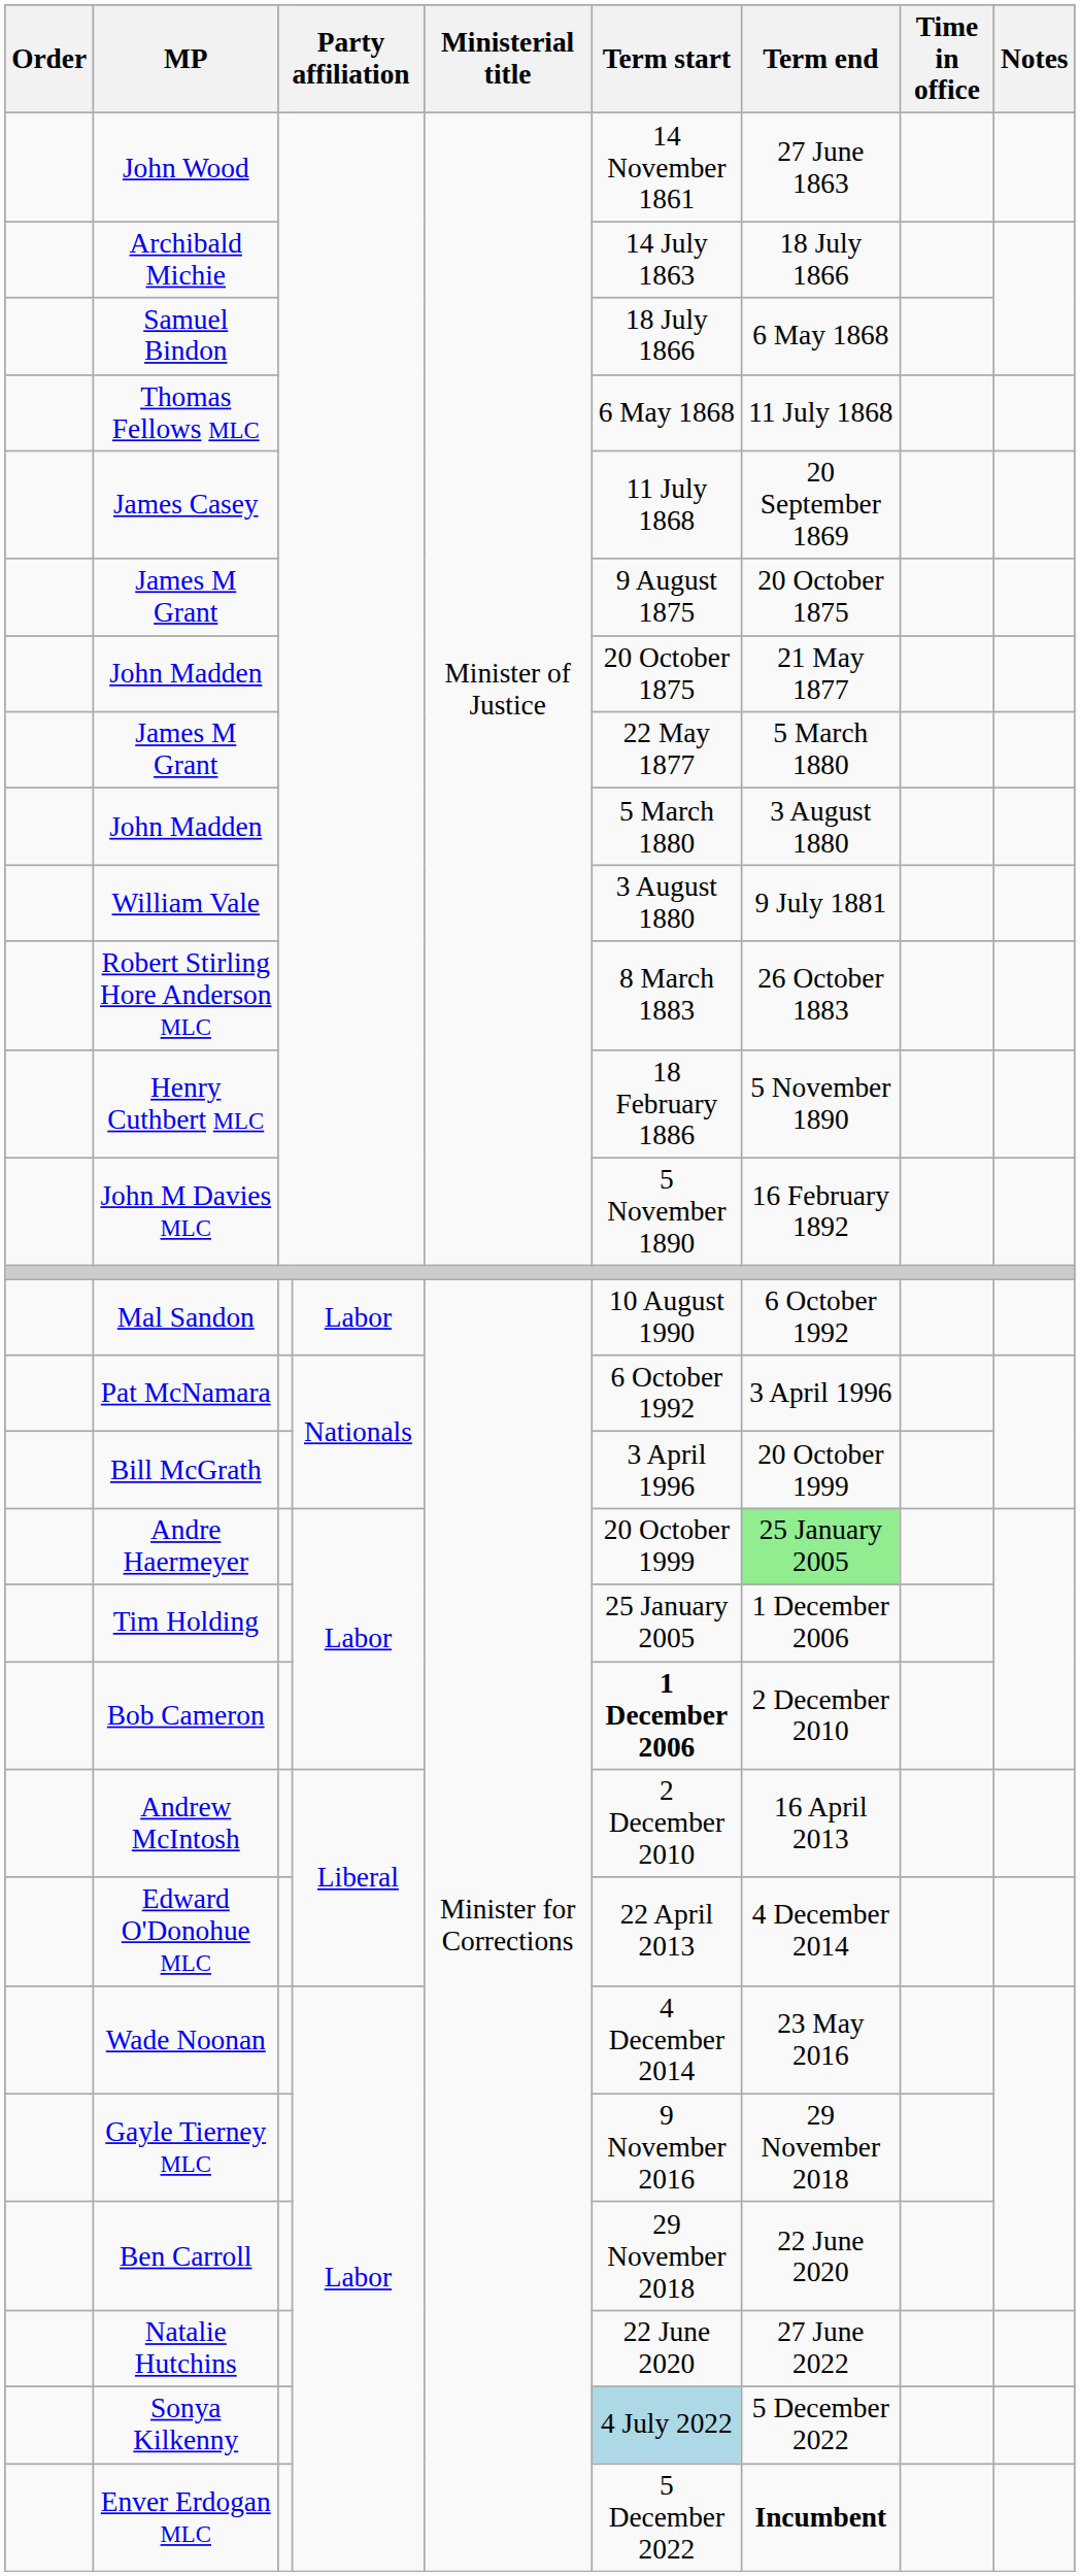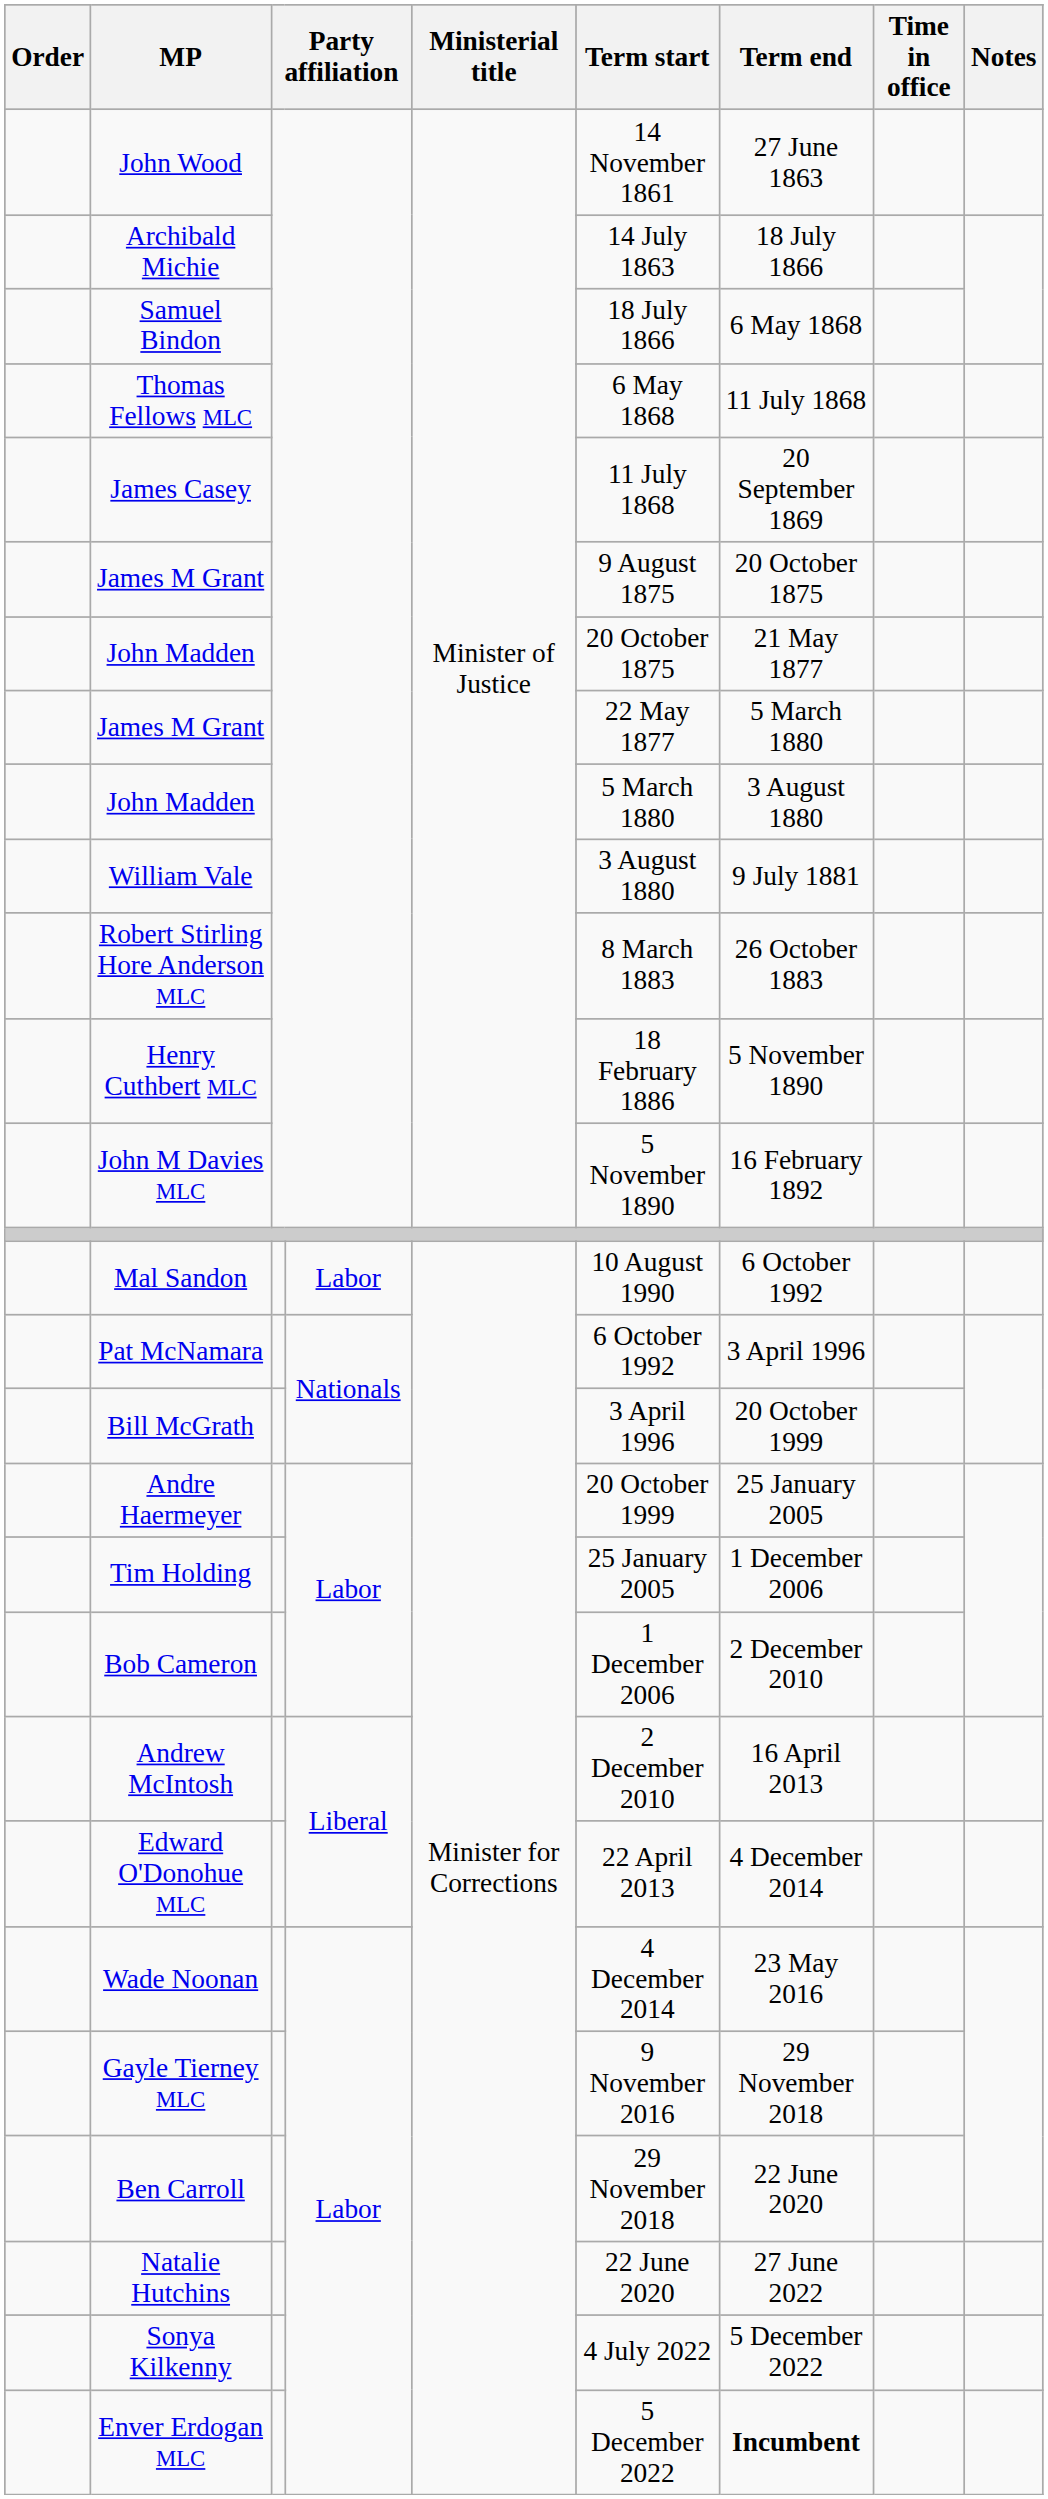 <table class="wikitable" style="text-align:center">
 <tr>
 <th>Order</th>
 <th>MP</th>
 <th colspan="2">Party affiliation</th>
 <th>Ministerial title</th>
 <th>Term start</th>
 <th>Term end</th>
 <th>Time in office</th>
 <th>Notes</th>
 </tr>
 <tr>
 <td></td>
 <td><a href='#'>John Wood</a> </td>
 <td colspan="2" rowspan="13"></td>
 <td rowspan="13">Minister of Justice</td>
 <td>14 November 1861</td>
 <td>27 June 1863</td>
 <td></td>
 <td></td>
 </tr>
 <tr>
 <td></td>
 <td><a href='#'>Archibald Michie</a> </td>
 <td>14 July 1863</td>
 <td>18 July 1866</td>
 <td></td>
 <td rowspan="2"></td>
 </tr>
 <tr>
 <td></td>
 <td><a href='#'>Samuel Bindon</a> </td>
 <td>18 July 1866</td>
 <td>6 May 1868</td>
 <td></td>
 </tr>
 <tr>
 <td></td>
 <td><a href='#'>Thomas Fellows</a> <a href='#'><small>MLC</small></a></td>
 <td>6 May 1868</td>
 <td>11 July 1868</td>
 <td></td>
 <td></td>
 </tr>
 <tr>
 <td></td>
 <td><a href='#'>James Casey</a> </td>
 <td>11 July 1868</td>
 <td>20 September 1869</td>
 <td></td>
 <td></td>
 </tr>
 <tr>
 <td></td>
 <td><a href='#'>James M Grant</a> </td>
 <td>9 August 1875</td>
 <td>20 October 1875</td>
 <td></td>
 <td></td>
 </tr>
 <tr>
 <td></td>
 <td><a href='#'>John Madden</a> </td>
 <td>20 October 1875</td>
 <td>21 May 1877</td>
 <td></td>
 <td></td>
 </tr>
 <tr>
 <td></td>
 <td><a href='#'>James M Grant</a> </td>
 <td>22 May 1877</td>
 <td>5 March 1880</td>
 <td></td>
 <td></td>
 </tr>
 <tr>
 <td></td>
 <td><a href='#'>John Madden</a> </td>
 <td>5 March 1880</td>
 <td>3 August 1880</td>
 <td></td>
 <td></td>
 </tr>
 <tr>
 <td></td>
 <td><a href='#'>William Vale</a> </td>
 <td>3 August 1880</td>
 <td>9 July 1881</td>
 <td></td>
 <td></td>
 </tr>
 <tr>
 <td></td>
 <td><a href='#'>Robert Stirling Hore Anderson</a> <a href='#'><small>MLC</small></a></td>
 <td>8 March 1883</td>
 <td>26 October 1883</td>
 <td></td>
 <td></td>
 </tr>
 <tr>
 <td></td>
 <td><a href='#'>Henry Cuthbert</a> <a href='#'><small>MLC</small></a></td>
 <td>18 February 1886</td>
 <td>5 November 1890</td>
 <td></td>
 <td></td>
 </tr>
 <tr>
 <td></td>
 <td><a href='#'>John M Davies</a> <a href='#'><small>MLC</small></a></td>
 <td>5 November 1890</td>
 <td>16 February 1892</td>
 <td></td>
 <td></td>
 </tr>
 <tr>
 <th colspan=9 style="background: #cccccc;"></th>
 </tr>
 <tr>
 <td></td>
 <td><a href='#'>Mal Sandon</a> </td>
 <td></td>
 <td><a href='#'>Labor</a></td>
 <td rowspan="14">Minister for Corrections</td>
 <td>10 August 1990</td>
 <td>6 October 1992</td>
 <td></td>
 <td></td>
 </tr>
 <tr>
 <td></td>
 <td><a href='#'>Pat McNamara</a> </td>
 <td></td>
 <td rowspan="2"><a href='#'>Nationals</a></td>
 <td>6 October 1992</td>
 <td>3 April 1996</td>
 <td></td>
 <td rowspan="2"></td>
 </tr>
 <tr>
 <td></td>
 <td><a href='#'>Bill McGrath</a> </td>
 <td></td>
 <td>3 April 1996</td>
 <td>20 October 1999</td>
 <td></td>
 </tr>
 <tr>
 <td></td>
 <td><a href='#'>Andre Haermeyer</a> </td>
 <td></td>
 <td rowspan="3"><a href='#'>Labor</a></td>
 <td>20 October 1999</td>
-<td style="background: lightgreen;">25 January 2005</td>
+<td>25 January 2005</td>
 <td></td>
 <td rowspan="3"></td>
 </tr>
 <tr>
 <td></td>
 <td><a href='#'>Tim Holding</a> </td>
 <td></td>
 <td>25 January 2005</td>
 <td>1 December 2006</td>
 <td></td>
 </tr>
 <tr>
 <td></td>
 <td><a href='#'>Bob Cameron</a> </td>
 <td></td>
-<td><strong>1 December 2006</strong></td>
+<td>1 December 2006</td>
 <td>2 December 2010</td>
 <td></td>
 </tr>
 <tr>
 <td></td>
 <td><a href='#'>Andrew McIntosh</a> </td>
 <td></td>
 <td rowspan="2"><a href='#'>Liberal</a></td>
 <td>2 December 2010</td>
 <td>16 April 2013</td>
 <td></td>
 <td></td>
 </tr>
 <tr>
 <td></td>
 <td><a href='#'>Edward O'Donohue</a> <a href='#'><small>MLC</small></a></td>
 <td></td>
 <td>22 April 2013</td>
 <td>4 December 2014</td>
 <td></td>
 <td></td>
 </tr>
 <tr>
 <td></td>
 <td><a href='#'>Wade Noonan</a> </td>
 <td></td>
 <td rowspan="6"><a href='#'>Labor</a></td>
 <td>4 December 2014</td>
 <td>23 May 2016</td>
 <td></td>
 <td rowspan="3"></td>
 </tr>
 <tr>
 <td></td>
 <td><a href='#'>Gayle Tierney</a> <a href='#'><small>MLC</small></a></td>
 <td></td>
 <td>9 November 2016</td>
 <td>29 November 2018</td>
 <td></td>
 </tr>
 <tr>
 <td></td>
 <td><a href='#'>Ben Carroll</a> </td>
 <td></td>
 <td>29 November 2018</td>
 <td>22 June 2020</td>
 <td></td>
 </tr>
 <tr>
 <td></td>
 <td><a href='#'>Natalie Hutchins</a> </td>
 <td></td>
 <td>22 June 2020</td>
 <td>27 June 2022</td>
 <td></td>
 <td></td>
 </tr>
 <tr>
 <td></td>
 <td><a href='#'>Sonya Kilkenny</a> </td>
 <td></td>
-<td style="background: lightblue;">4 July 2022</td>
+<td>4 July 2022</td>
 <td>5 December 2022</td>
 <td></td>
 <td></td>
 </tr>
 <tr>
 <td></td>
 <td><a href='#'>Enver Erdogan</a> <a href='#'><small>MLC</small></a></td>
 <td></td>
 <td>5 December 2022</td>
 <td><strong>Incumbent</strong></td>
 <td></td>
 <td></td>
 </tr>
 </table>
